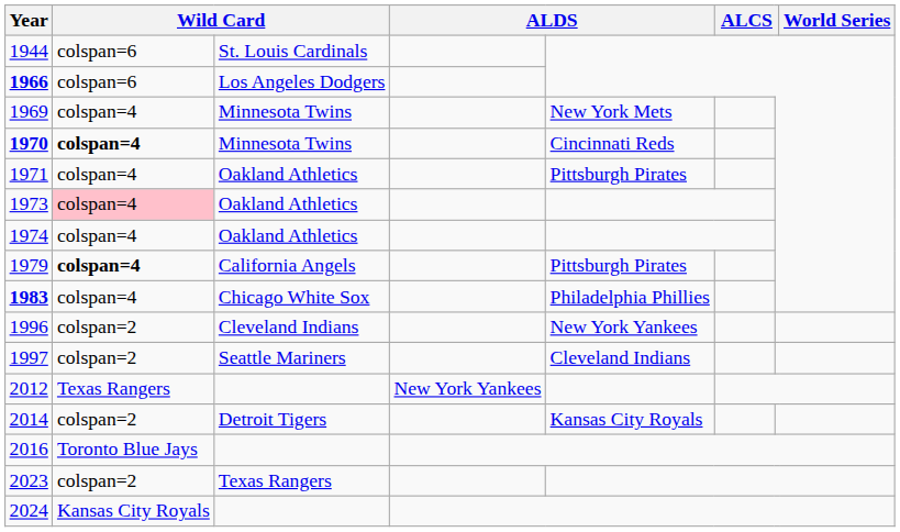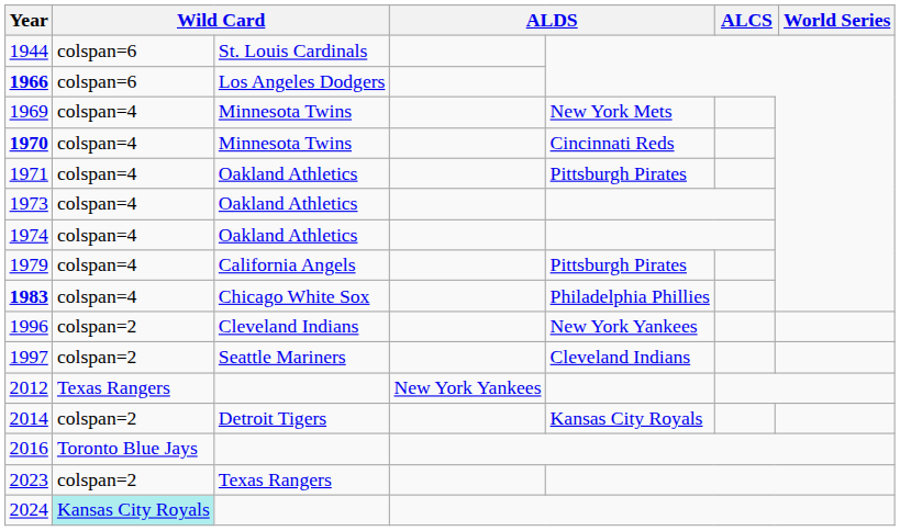 <table class="wikitable">
 <tr>
 <th>Year</th>
 <th colspan=2><a href='#'><span>Wild Card</span></a></th>
 <th colspan=2><a href='#'><span>ALDS</span></a></th>
 <th colspan=2><a href='#'><span>ALCS</span></a></th>
 <th colspan=2><a href='#'><span>World Series</span></a></th>
 </tr>
 <tr>
 <td><a href='#'>1944</a></td>
 <td>colspan=6 </td>
 <td><a href='#'>St. Louis Cardinals</a></td>
 <td></td>
 </tr>
 <tr>
 <td><strong><a href='#'>1966</a></strong></td>
 <td>colspan=6 </td>
 <td><a href='#'>Los Angeles Dodgers</a></td>
 <td></td>
 </tr>
 <tr>
 <td align=center><a href='#'>1969</a></td>
 <td>colspan=4 </td>
 <td><a href='#'>Minnesota Twins</a></td>
 <td></td>
 <td><a href='#'>New York Mets</a></td>
 <td></td>
 </tr>
 <tr>
 <td align=center><strong><a href='#'>1970</a></strong></td>
-<td><strong>colspan=4 </strong></td>
+<td>colspan=4 </td>
 <td><a href='#'>Minnesota Twins</a></td>
 <td></td>
 <td><a href='#'>Cincinnati Reds</a></td>
 <td></td>
 </tr>
 <tr>
 <td align=center><a href='#'>1971</a></td>
 <td>colspan=4 </td>
 <td><a href='#'>Oakland Athletics</a></td>
 <td></td>
 <td><a href='#'>Pittsburgh Pirates</a></td>
 <td></td>
 </tr>
 <tr>
 <td align=center><a href='#'>1973</a></td>
-<td style="background: pink;">colspan=4 </td>
+<td>colspan=4 </td>
 <td><a href='#'>Oakland Athletics</a></td>
 <td></td>
 <td colspan=2></td>
 </tr>
 <tr>
 <td align=center><a href='#'>1974</a></td>
 <td>colspan=4 </td>
 <td><a href='#'>Oakland Athletics</a></td>
 <td></td>
 <td colspan=2></td>
 </tr>
 <tr>
 <td align=center><a href='#'>1979</a></td>
-<td><strong>colspan=4 </strong></td>
+<td>colspan=4 </td>
 <td><a href='#'>California Angels</a></td>
 <td></td>
 <td><a href='#'>Pittsburgh Pirates</a></td>
 <td></td>
 </tr>
 <tr>
 <td align=center><strong><a href='#'>1983</a></strong></td>
 <td>colspan=4 </td>
 <td><a href='#'>Chicago White Sox</a></td>
 <td></td>
 <td><a href='#'>Philadelphia Phillies</a></td>
 <td></td>
 </tr>
 <tr>
 <td align=center><a href='#'>1996</a></td>
 <td>colspan=2 </td>
 <td><a href='#'>Cleveland Indians</a></td>
 <td></td>
 <td><a href='#'>New York Yankees</a></td>
 <td></td>
 <td colspan=2></td>
 </tr>
 <tr>
 <td align=center><a href='#'>1997</a></td>
 <td>colspan=2 </td>
 <td><a href='#'>Seattle Mariners</a></td>
 <td></td>
 <td><a href='#'>Cleveland Indians</a></td>
 <td></td>
 <td colspan=2></td>
 </tr>
 <tr>
 <td align=center><a href='#'>2012</a></td>
 <td><a href='#'>Texas Rangers</a></td>
 <td></td>
 <td><a href='#'>New York Yankees</a></td>
 <td></td>
 <td colspan=4></td>
 </tr>
 <tr>
 <td align=center><a href='#'>2014</a></td>
 <td>colspan=2 </td>
 <td><a href='#'>Detroit Tigers</a></td>
 <td></td>
 <td><a href='#'>Kansas City Royals</a></td>
 <td></td>
 <td colspan=2></td>
 </tr>
 <tr>
 <td align=center><a href='#'>2016</a></td>
 <td><a href='#'>Toronto Blue Jays</a></td>
 <td></td>
 <td colspan=6></td>
 </tr>
 <tr>
 <td align=center><a href='#'>2023</a></td>
 <td>colspan=2 </td>
 <td><a href='#'>Texas Rangers</a></td>
 <td></td>
 <td colspan=4></td>
 </tr>
 <tr>
 <td align=center><a href='#'>2024</a></td>
-<td><a href='#'>Kansas City Royals</a></td>
+<td style="background: paleturquoise;"><a href='#'>Kansas City Royals</a></td>
 <td></td>
 <td colspan=6></td>
 </tr>
 </table>
